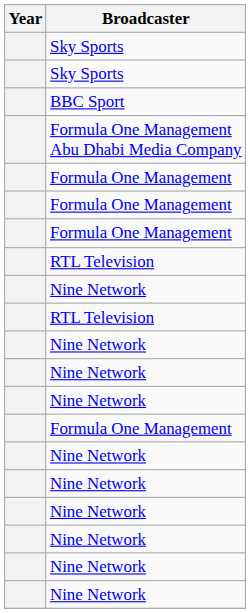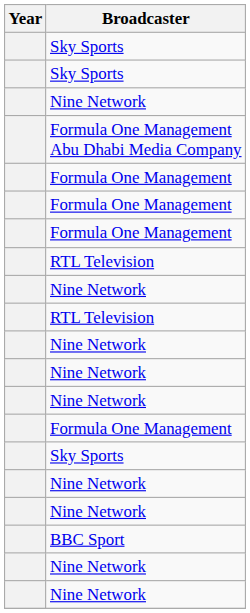 <table class="wikitable" style="font-size:95%">
 <tr>
 <th>Year</th>
 <th>Broadcaster</th>
 </tr>
 <tr>
 <th></th>
 <td> <a href='#'>Sky Sports</a></td>
 </tr>
 <tr>
 <th></th>
 <td> <a href='#'>Sky Sports</a></td>
 </tr>
 <tr>
 <th></th>
-<td> <a href='#'>BBC Sport</a></td>
+<td> <a href='#'>Nine Network</a></td>
 </tr>
 <tr>
 <th></th>
 <td> <a href='#'>Formula One Management</a> <br>  <a href='#'>Abu Dhabi Media Company</a></td>
 </tr>
 <tr>
 <th></th>
 <td> <a href='#'>Formula One Management</a></td>
 </tr>
 <tr>
 <th></th>
 <td> <a href='#'>Formula One Management</a></td>
 </tr>
 <tr>
 <th></th>
 <td> <a href='#'>Formula One Management</a></td>
 </tr>
 <tr>
 <th></th>
 <td> <a href='#'>RTL Television</a></td>
 </tr>
 <tr>
 <th></th>
 <td> <a href='#'>Nine Network</a></td>
 </tr>
 <tr>
 <th></th>
 <td> <a href='#'>RTL Television</a></td>
 </tr>
 <tr>
 <th></th>
 <td> <a href='#'>Nine Network</a></td>
 </tr>
 <tr>
 <th></th>
 <td> <a href='#'>Nine Network</a></td>
 </tr>
 <tr>
 <th></th>
 <td> <a href='#'>Nine Network</a></td>
 </tr>
 <tr>
 <th></th>
 <td> <a href='#'>Formula One Management</a></td>
 </tr>
 <tr>
 <th></th>
-<td> <a href='#'>Nine Network</a></td>
+<td> <a href='#'>Sky Sports</a></td>
 </tr>
 <tr>
 <th></th>
 <td> <a href='#'>Nine Network</a></td>
 </tr>
 <tr>
 <th></th>
 <td> <a href='#'>Nine Network</a></td>
 </tr>
 <tr>
 <th></th>
-<td> <a href='#'>Nine Network</a></td>
+<td> <a href='#'>BBC Sport</a></td>
 </tr>
 <tr>
 <th></th>
 <td> <a href='#'>Nine Network</a></td>
 </tr>
 <tr>
 <th></th>
 <td> <a href='#'>Nine Network</a></td>
 </tr>
 <tr>
 </tr>
 </table>
